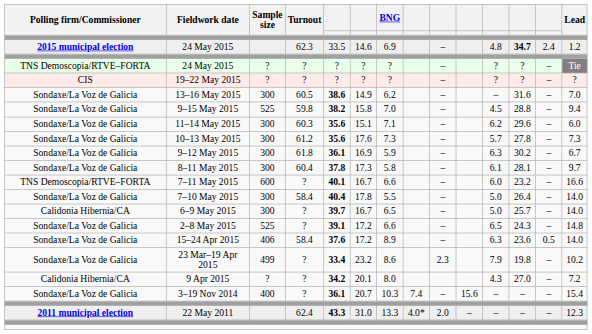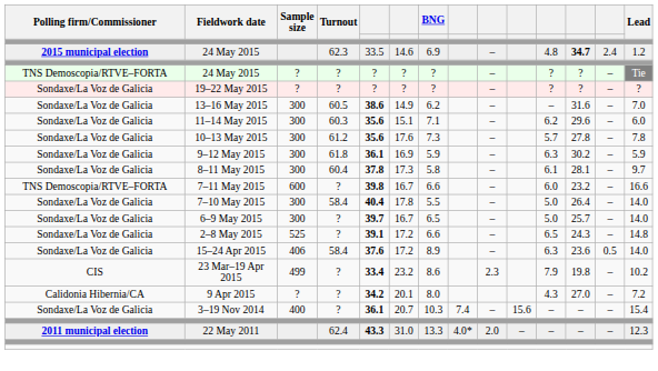 <table class="wikitable collapsible collapsed" style="text-align:center; font-size:95%; line-height:16px;">
 <tr style="height:42px;">
 <th style="width:250px;" rowspan="2">Polling firm/Commissioner</th>
 <th style="width:125px;" rowspan="2">Fieldwork date</th>
 <th style="width:50px;" rowspan="2">Sample size</th>
 <th style="width:45px;" rowspan="2">Turnout</th>
 <th style="width:35px;"></th>
 <th style="width:35px;"></th>
 <th style="width:35px;"><a href='#'>BNG</a></th>
 <th style="width:35px;"></th>
 <th style="width:35px;"></th>
 <th style="width:35px;"></th>
 <th style="width:35px;"></th>
 <th style="width:35px;"></th>
 <th style="width:35px;"></th>
 <th style="width:30px;" rowspan="2">Lead</th>
 </tr>
 <tr>
 <th style="color:inherit;background:"></th>
 <th style="color:inherit;background:"></th>
 <th style="color:inherit;background:"></th>
 <th style="color:inherit;background:"></th>
 <th style="color:inherit;background:"></th>
 <th style="color:inherit;background:"></th>
 <th style="color:inherit;background:"></th>
 <th style="color:inherit;background:"></th>
 <th style="color:inherit;background:"></th>
 </tr>
 <tr>
 <td colspan="14" style="background:#A0A0A0"></td>
 </tr>
 <tr style="background:#EFEFEF;">
 <td><strong><a href='#'>2015 municipal election</a></strong></td>
 <td>24 May 2015</td>
 <td></td>
 <td>62.3</td>
 <td>33.5<br></td>
 <td>14.6<br></td>
 <td>6.9<br></td>
 <td></td>
 <td>–</td>
 <td></td>
 <td>4.8<br></td>
 <td><strong>34.7</strong><br></td>
 <td>2.4<br></td>
 <td style="background:">1.2</td>
 </tr>
 <tr>
 <td colspan="14" style="background:#A0A0A0"></td>
 </tr>
 <tr style="background:#EAFFEA;">
 <td>TNS Demoscopia/RTVE–FORTA</td>
 <td>24 May 2015</td>
 <td>?</td>
 <td>?</td>
 <td>?<br></td>
 <td>?<br></td>
 <td>?<br></td>
 <td></td>
 <td>–</td>
 <td></td>
 <td>?<br></td>
 <td>?<br></td>
 <td>–</td>
 <td style="background:gray;color:white;">Tie</td>
 </tr>
 <tr style="background:#FFEAEA;">
-<td>CIS</td>
+<td>Sondaxe/La Voz de Galicia</td>
 <td>19–22 May 2015</td>
 <td>?</td>
 <td>?</td>
 <td>?<br></td>
 <td>?<br></td>
 <td>?<br></td>
 <td></td>
 <td>–</td>
 <td></td>
 <td>?<br></td>
 <td>?<br></td>
 <td>–</td>
 <td style="background:">?</td>
 </tr>
 <tr>
 <td>Sondaxe/La Voz de Galicia</td>
 <td>13–16 May 2015</td>
 <td>300</td>
 <td>60.5</td>
 <td><strong>38.6</strong><br></td>
 <td>14.9<br></td>
 <td>6.2<br></td>
 <td></td>
 <td>–</td>
 <td></td>
 <td>–</td>
 <td>31.6<br></td>
 <td>–</td>
 <td style="background:">7.0</td>
 </tr>
 <tr>
 <td>Sondaxe/La Voz de Galicia</td>
-<td>9–15 May 2015</td>
-<td>525</td>
-<td>59.8</td>
-<td><strong>38.2</strong><br></td>
-<td>15.8<br></td>
-<td>7.0<br></td>
-<td></td>
-<td>–</td>
-<td></td>
-<td>4.5<br></td>
-<td>28.8<br></td>
-<td>–</td>
-<td style="background:">9.4</td>
-</tr>
-<tr>
-<td>Sondaxe/La Voz de Galicia</td>
 <td>11–14 May 2015</td>
 <td>300</td>
 <td>60.3</td>
 <td><strong>35.6</strong><br></td>
 <td>15.1<br></td>
 <td>7.1<br></td>
 <td></td>
 <td>–</td>
 <td></td>
 <td>6.2<br></td>
 <td>29.6<br></td>
 <td>–</td>
 <td style="background:">6.0</td>
 </tr>
 <tr>
 <td>Sondaxe/La Voz de Galicia</td>
 <td>10–13 May 2015</td>
 <td>300</td>
 <td>61.2</td>
 <td><strong>35.6</strong><br></td>
 <td>17.6<br></td>
 <td>7.3<br></td>
 <td></td>
 <td>–</td>
 <td></td>
 <td>5.7<br></td>
 <td>27.8<br></td>
 <td>–</td>
-<td style="background:">7.3</td>
+<td style="background:">7.8</td>
 </tr>
 <tr>
 <td>Sondaxe/La Voz de Galicia</td>
 <td>9–12 May 2015</td>
 <td>300</td>
 <td>61.8</td>
 <td><strong>36.1</strong><br></td>
 <td>16.9<br></td>
 <td>5.9<br></td>
 <td></td>
 <td>–</td>
 <td></td>
 <td>6.3<br></td>
 <td>30.2<br></td>
 <td>–</td>
-<td style="background:">6.7</td>
+<td style="background:">5.9</td>
 </tr>
 <tr>
 <td>Sondaxe/La Voz de Galicia</td>
 <td>8–11 May 2015</td>
 <td>300</td>
 <td>60.4</td>
 <td><strong>37.8</strong><br></td>
 <td>17.3<br></td>
 <td>5.8<br></td>
 <td></td>
 <td>–</td>
 <td></td>
 <td>6.1<br></td>
 <td>28.1<br></td>
 <td>–</td>
 <td style="background:">9.7</td>
 </tr>
 <tr>
 <td>TNS Demoscopia/RTVE–FORTA</td>
 <td>7–11 May 2015</td>
 <td>600</td>
 <td>?</td>
-<td><strong>40.1</strong><br></td>
+<td><strong>39.8</strong><br></td>
 <td>16.7<br></td>
 <td>6.6<br></td>
 <td></td>
 <td>–</td>
 <td></td>
 <td>6.0<br></td>
 <td>23.2<br></td>
 <td>–</td>
 <td style="background:">16.6</td>
 </tr>
 <tr>
 <td>Sondaxe/La Voz de Galicia</td>
 <td>7–10 May 2015</td>
 <td>300</td>
 <td>58.4</td>
 <td><strong>40.4</strong><br></td>
 <td>17.8<br></td>
 <td>5.5<br></td>
 <td></td>
 <td>–</td>
 <td></td>
 <td>5.0<br></td>
 <td>26.4<br></td>
 <td>–</td>
 <td style="background:">14.0</td>
 </tr>
 <tr>
-<td>Calidonia Hibernia/CA</td>
+<td>Sondaxe/La Voz de Galicia</td>
 <td>6–9 May 2015</td>
 <td>300</td>
 <td>?</td>
 <td><strong>39.7</strong><br></td>
 <td>16.7<br></td>
 <td>6.5<br></td>
 <td></td>
 <td>–</td>
 <td></td>
 <td>5.0<br></td>
 <td>25.7<br></td>
 <td>–</td>
 <td style="background:">14.0</td>
 </tr>
 <tr>
 <td>Sondaxe/La Voz de Galicia</td>
 <td>2–8 May 2015</td>
 <td>525</td>
 <td>?</td>
 <td><strong>39.1</strong><br></td>
 <td>17.2<br></td>
 <td>6.6<br></td>
 <td></td>
 <td>–</td>
 <td></td>
 <td>6.5<br></td>
 <td>24.3<br></td>
 <td>–</td>
 <td style="background:">14.8</td>
 </tr>
 <tr>
 <td>Sondaxe/La Voz de Galicia</td>
 <td>15–24 Apr 2015</td>
 <td>406</td>
 <td>58.4</td>
 <td><strong>37.6</strong><br></td>
 <td>17.2<br></td>
 <td>8.9<br></td>
 <td></td>
 <td>–</td>
 <td></td>
 <td>6.3<br></td>
 <td>23.6<br></td>
 <td>0.5<br></td>
 <td style="background:">14.0</td>
 </tr>
 <tr>
-<td>Sondaxe/La Voz de Galicia</td>
+<td>CIS</td>
 <td>23 Mar–19 Apr 2015</td>
 <td>499</td>
 <td>?</td>
 <td><strong>33.4</strong><br></td>
 <td>23.2<br></td>
 <td>8.6<br></td>
 <td></td>
 <td>2.3<br></td>
 <td></td>
 <td>7.9<br></td>
 <td>19.8<br></td>
 <td>–</td>
 <td style="background:">10.2</td>
 </tr>
 <tr>
 <td>Calidonia Hibernia/CA</td>
 <td>9 Apr 2015</td>
 <td>?</td>
 <td>?</td>
 <td><strong>34.2</strong></td>
 <td>20.1</td>
 <td>8.0</td>
 <td></td>
 <td></td>
 <td></td>
 <td>4.3</td>
 <td>27.0</td>
 <td>–</td>
 <td style="background:">7.2</td>
 </tr>
 <tr>
 <td>Sondaxe/La Voz de Galicia</td>
 <td>3–19 Nov 2014</td>
 <td>400</td>
 <td>?</td>
 <td><strong>36.1</strong><br></td>
 <td>20.7<br></td>
 <td>10.3<br></td>
 <td>7.4<br></td>
 <td>–</td>
 <td>15.6<br></td>
 <td>–</td>
 <td>–</td>
 <td>–</td>
 <td style="background:">15.4</td>
 </tr>
 <tr>
 <td colspan="14" style="background:#A0A0A0"></td>
 </tr>
 <tr style="background:#EFEFEF;">
 <td><strong><a href='#'>2011 municipal election</a></strong></td>
 <td>22 May 2011</td>
 <td></td>
 <td>62.4</td>
 <td><strong>43.3</strong><br></td>
 <td>31.0<br></td>
 <td>13.3<br></td>
 <td>4.0*<br></td>
 <td>2.0<br></td>
 <td>–</td>
 <td>–</td>
 <td>–</td>
 <td>–</td>
 <td style="background:">12.3</td>
 </tr>
 <tr>
 <td colspan="14" style="background:#A0A0A0"></td>
 </tr>
 <tr>
 <td align="left" colspan="14"></td>
 </tr>
 </table>
